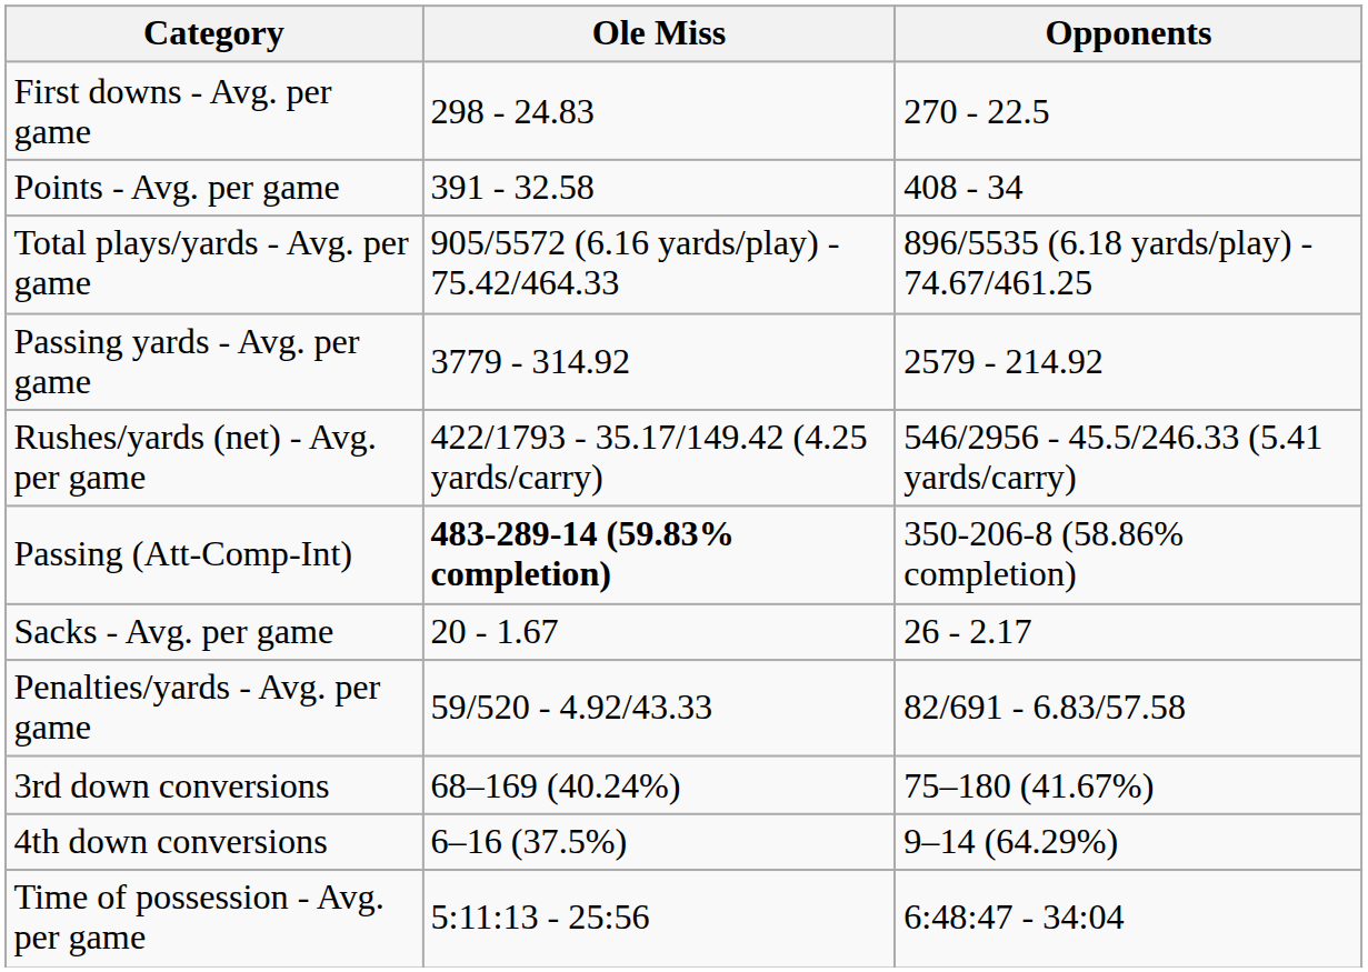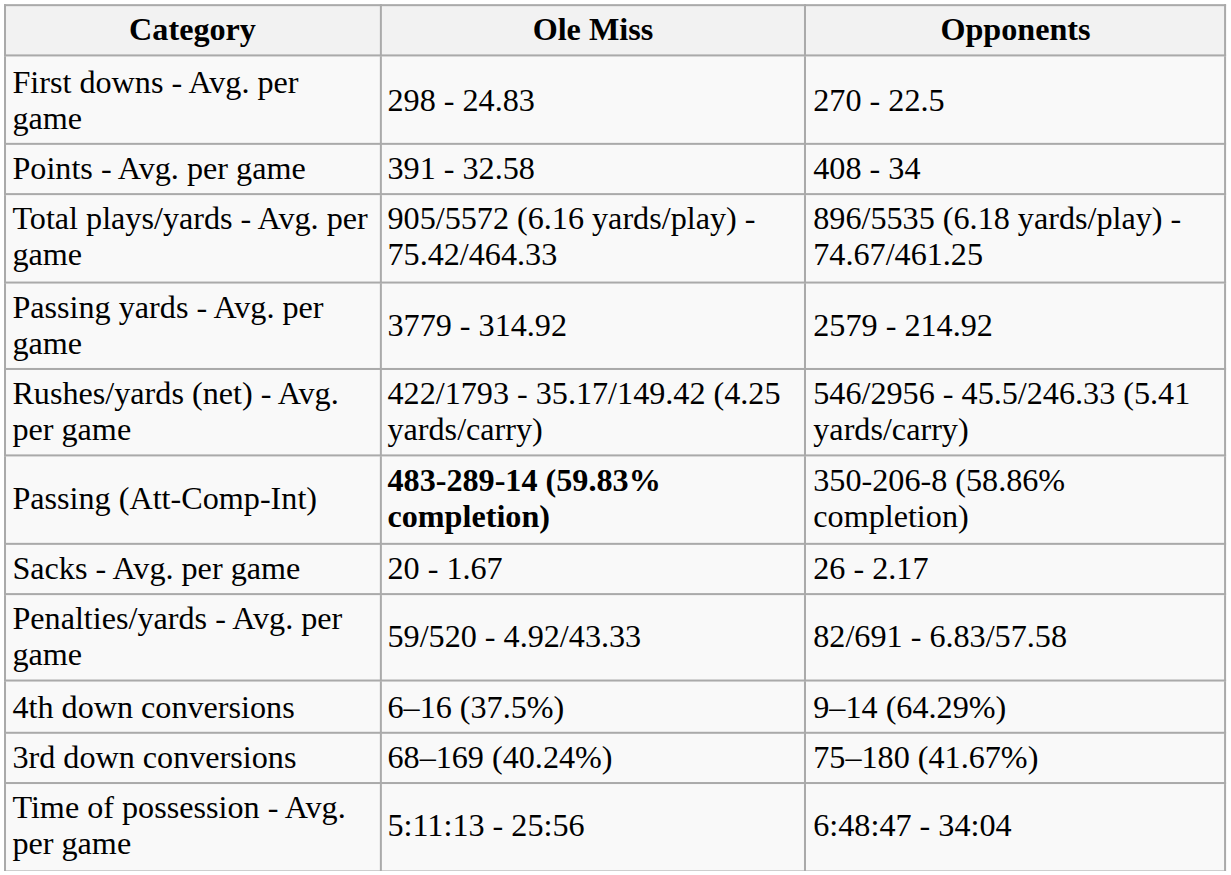 <table class="wikitable" style="float: left;">
 <tr>
 <th>Category</th>
 <th>Ole Miss</th>
 <th>Opponents</th>
 </tr>
 <tr>
 <td>First downs - Avg. per game</td>
 <td>298 - 24.83</td>
 <td>270 - 22.5</td>
 </tr>
 <tr>
 <td>Points - Avg. per game</td>
 <td>391 - 32.58</td>
 <td>408 - 34</td>
 </tr>
 <tr>
 <td>Total plays/yards - Avg. per game</td>
 <td>905/5572 (6.16 yards/play) - 75.42/464.33</td>
 <td>896/5535 (6.18 yards/play) - 74.67/461.25</td>
 </tr>
 <tr>
 <td>Passing yards - Avg. per game</td>
 <td>3779 - 314.92</td>
 <td>2579 - 214.92</td>
 </tr>
 <tr>
 <td>Rushes/yards (net) - Avg. per game</td>
 <td>422/1793 - 35.17/149.42 (4.25 yards/carry)</td>
 <td>546/2956 - 45.5/246.33 (5.41 yards/carry)</td>
 </tr>
 <tr>
 <td>Passing (Att-Comp-Int)</td>
 <td><strong>483-289-14 (59.83% completion)</strong></td>
 <td>350-206-8 (58.86% completion)</td>
 </tr>
 <tr>
 <td>Sacks - Avg. per game</td>
 <td>20 - 1.67</td>
 <td>26 - 2.17</td>
 </tr>
 <tr>
 <td>Penalties/yards - Avg. per game</td>
 <td>59/520 - 4.92/43.33</td>
 <td>82/691 - 6.83/57.58</td>
 </tr>
 <tr>
+<td>4th down conversions</td>
+<td>6–16 (37.5%)</td>
+<td>9–14 (64.29%)</td>
+</tr>
+<tr>
 <td>3rd down conversions</td>
 <td>68–169 (40.24%)</td>
 <td>75–180 (41.67%)</td>
-</tr>
-<tr>
-<td>4th down conversions</td>
-<td>6–16 (37.5%)</td>
-<td>9–14 (64.29%)</td>
 </tr>
 <tr>
 <td>Time of possession - Avg. per game</td>
 <td>5:11:13 - 25:56</td>
 <td>6:48:47 - 34:04</td>
 </tr>
 </table>
